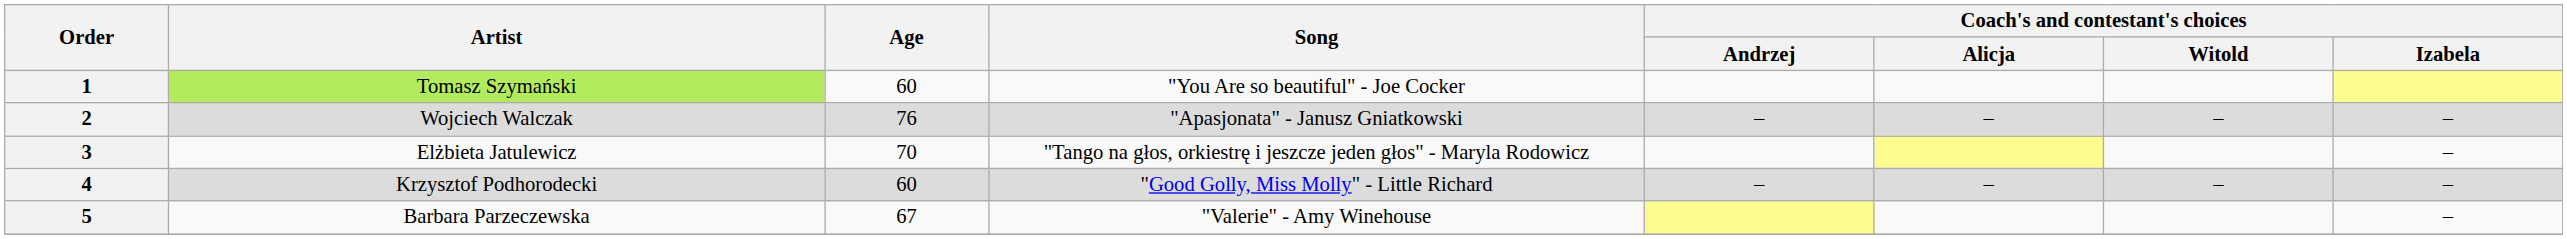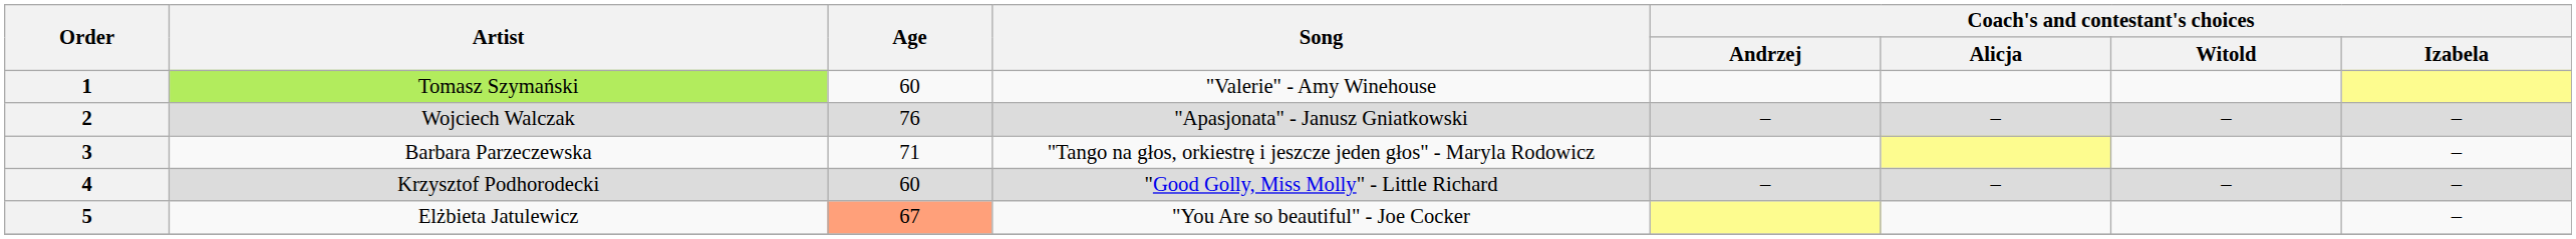 <table class="wikitable" style="text-align:center; width:100%;">
 <tr>
 <th scope="col" rowspan="2" style="width:05%;">Order</th>
 <th scope="col" rowspan="2" style="width:20%;">Artist</th>
 <th scope="col" rowspan="2" style="width:05%;">Age</th>
 <th scope="col" rowspan="2" style="width:20%;">Song</th>
 <th scope="col" colspan="4" style="width:32%;">Coach's and contestant's choices</th>
 </tr>
 <tr>
 <th style="width:07%;">Andrzej</th>
 <th style="width:07%;">Alicja</th>
 <th style="width:07%;">Witold</th>
 <th style="width:07%;">Izabela</th>
 </tr>
 <tr>
 <th>1</th>
 <td style="background:#B2EC5D;">Tomasz Szymański</td>
 <td>60</td>
-<td>"You Are so beautiful" - Joe Cocker</td>
+<td>"Valerie" - Amy Winehouse</td>
 <td><strong></strong></td>
 <td><strong></strong></td>
 <td><strong></strong></td>
 <td style="background:#fdfc8f;"><strong></strong></td>
 </tr>
 <tr>
 <th>2</th>
 <td style="background:#dcdcdc;">Wojciech Walczak</td>
 <td style="background:#dcdcdc;">76</td>
 <td style="background:#dcdcdc;">"Apasjonata" - Janusz Gniatkowski</td>
 <td style="background:#dcdcdc;">–</td>
 <td style="background:#dcdcdc;">–</td>
 <td style="background:#dcdcdc;">–</td>
 <td style="background:#dcdcdc;">–</td>
 </tr>
 <tr>
 <th>3</th>
-<td>Elżbieta Jatulewicz</td>
-<td>70</td>
+<td>Barbara Parzeczewska</td>
+<td>71</td>
 <td>"Tango na głos, orkiestrę i jeszcze jeden głos" - Maryla Rodowicz</td>
 <td><strong></strong></td>
 <td style="background:#fdfc8f;"><strong></strong></td>
 <td><strong></strong></td>
 <td>–</td>
 </tr>
 <tr>
 <th>4</th>
 <td style="background:#dcdcdc;">Krzysztof Podhorodecki</td>
 <td style="background:#dcdcdc;">60</td>
 <td style="background:#dcdcdc;">"<a href='#'>Good Golly, Miss Molly</a>" - Little Richard</td>
 <td style="background:#dcdcdc;">–</td>
 <td style="background:#dcdcdc;">–</td>
 <td style="background:#dcdcdc;">–</td>
 <td style="background:#dcdcdc;">–</td>
 </tr>
 <tr>
 <th>5</th>
-<td>Barbara Parzeczewska</td>
-<td>67</td>
-<td>"Valerie" - Amy Winehouse</td>
+<td>Elżbieta Jatulewicz</td>
+<td style="background: lightsalmon;">67</td>
+<td>"You Are so beautiful" - Joe Cocker</td>
 <td style="background:#fdfc8f;"><strong></strong></td>
 <td><strong></strong></td>
 <td><strong></strong></td>
 <td>–</td>
 </tr>
 <tr>
 </tr>
 </table>
